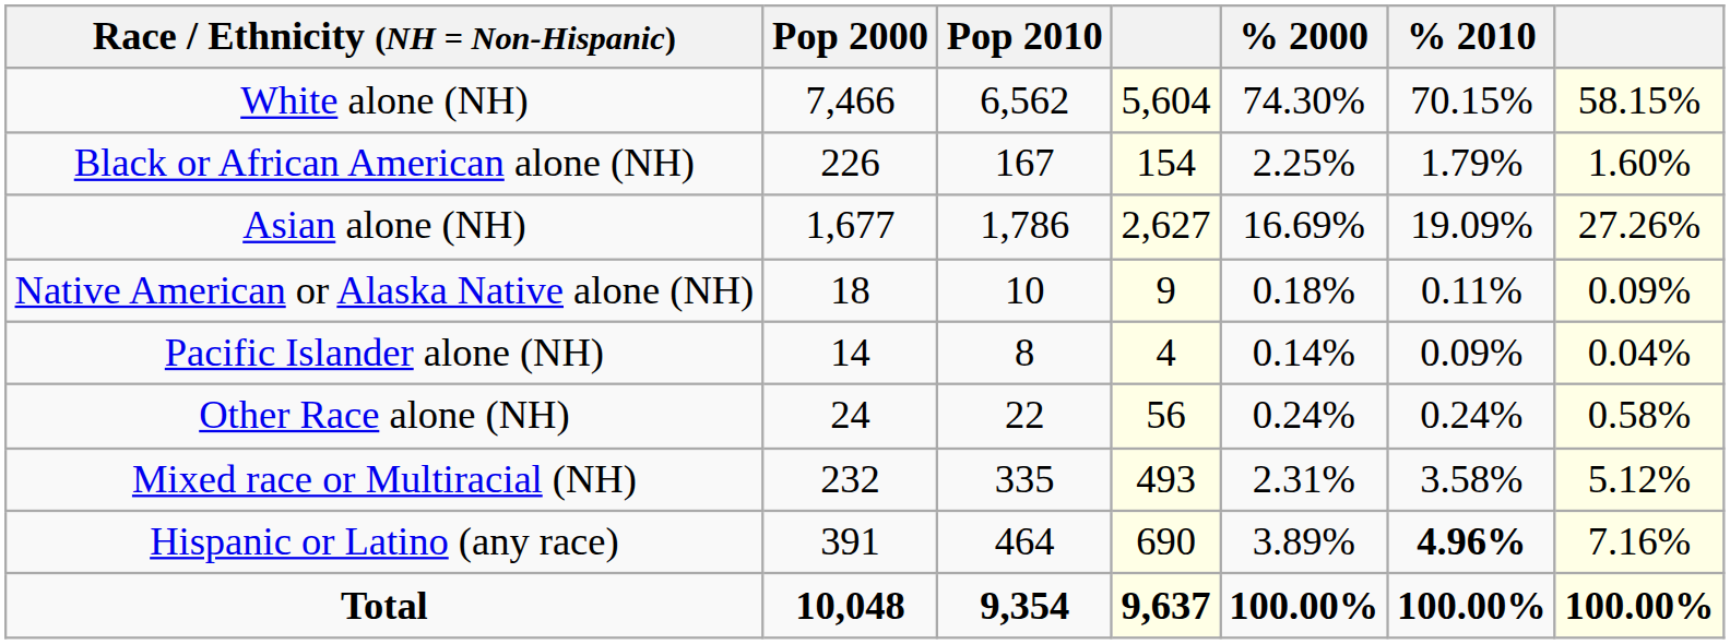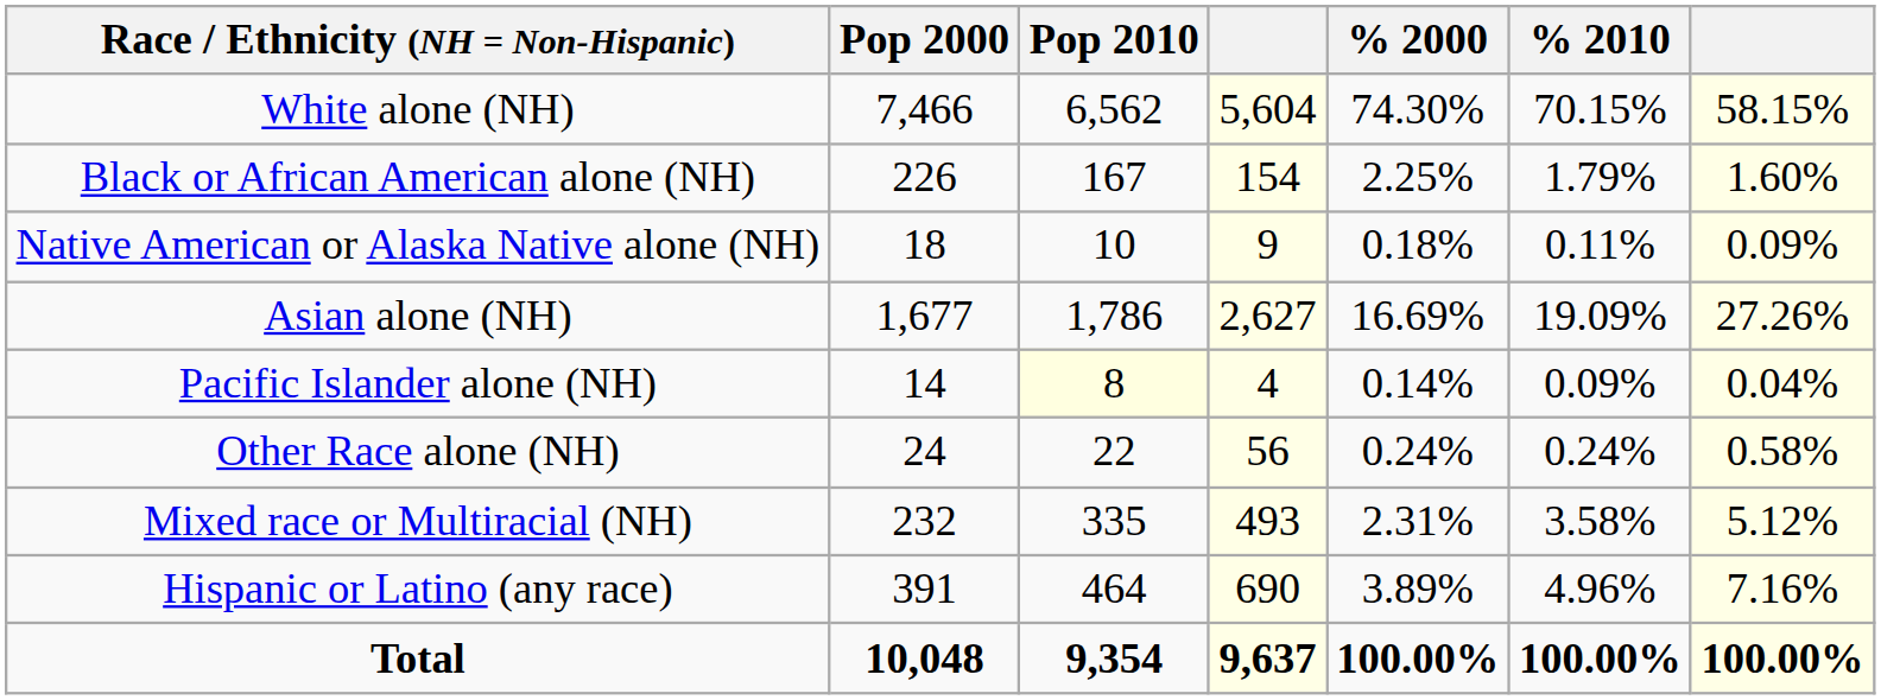 <table class="wikitable" style="text-align:center;">
 <tr>
 <th>Race / Ethnicity <small>(<em>NH = Non-Hispanic</em>)</small></th>
 <th>Pop 2000</th>
 <th>Pop 2010</th>
 <th></th>
 <th>% 2000</th>
 <th>% 2010</th>
 <th></th>
 </tr>
 <tr>
 <td><a href='#'>White</a> alone (NH)</td>
 <td>7,466</td>
 <td>6,562</td>
 <td style='background: #ffffe6;'>5,604</td>
 <td>74.30%</td>
 <td>70.15%</td>
 <td style='background: #ffffe6;'>58.15%</td>
 </tr>
 <tr>
 <td><a href='#'>Black or African American</a> alone (NH)</td>
 <td>226</td>
 <td>167</td>
 <td style='background: #ffffe6;'>154</td>
 <td>2.25%</td>
 <td>1.79%</td>
 <td style='background: #ffffe6;'>1.60%</td>
 </tr>
 <tr>
+<td><a href='#'>Native American</a> or <a href='#'>Alaska Native</a> alone (NH)</td>
+<td>18</td>
+<td>10</td>
+<td style='background: #ffffe6;'>9</td>
+<td>0.18%</td>
+<td>0.11%</td>
+<td style='background: #ffffe6;'>0.09%</td>
+</tr>
+<tr>
 <td><a href='#'>Asian</a> alone (NH)</td>
 <td>1,677</td>
 <td>1,786</td>
 <td style='background: #ffffe6;'>2,627</td>
 <td>16.69%</td>
 <td>19.09%</td>
 <td style='background: #ffffe6;'>27.26%</td>
 </tr>
 <tr>
-<td><a href='#'>Native American</a> or <a href='#'>Alaska Native</a> alone (NH)</td>
-<td>18</td>
-<td>10</td>
-<td style='background: #ffffe6;'>9</td>
-<td>0.18%</td>
-<td>0.11%</td>
-<td style='background: #ffffe6;'>0.09%</td>
-</tr>
-<tr>
 <td><a href='#'>Pacific Islander</a> alone (NH)</td>
 <td>14</td>
-<td>8</td>
+<td style="background: lightyellow;">8</td>
 <td style='background: #ffffe6;'>4</td>
 <td>0.14%</td>
 <td>0.09%</td>
 <td style='background: #ffffe6;'>0.04%</td>
 </tr>
 <tr>
 <td><a href='#'>Other Race</a> alone (NH)</td>
 <td>24</td>
 <td>22</td>
 <td style='background: #ffffe6;'>56</td>
 <td>0.24%</td>
 <td>0.24%</td>
 <td style='background: #ffffe6;'>0.58%</td>
 </tr>
 <tr>
 <td><a href='#'>Mixed race or Multiracial</a> (NH)</td>
 <td>232</td>
 <td>335</td>
 <td style='background: #ffffe6;'>493</td>
 <td>2.31%</td>
 <td>3.58%</td>
 <td style='background: #ffffe6;'>5.12%</td>
 </tr>
 <tr>
 <td><a href='#'>Hispanic or Latino</a> (any race)</td>
 <td>391</td>
 <td>464</td>
 <td style='background: #ffffe6;'>690</td>
 <td>3.89%</td>
-<td><strong>4.96%</strong></td>
+<td>4.96%</td>
 <td style='background: #ffffe6;'>7.16%</td>
 </tr>
 <tr>
 <td><strong>Total</strong></td>
 <td><strong>10,048</strong></td>
 <td><strong>9,354</strong></td>
 <td style='background: #ffffe6;'><strong>9,637</strong></td>
 <td><strong>100.00%</strong></td>
 <td><strong>100.00%</strong></td>
 <td style='background: #ffffe6;'><strong>100.00%</strong></td>
 </tr>
 </table>
